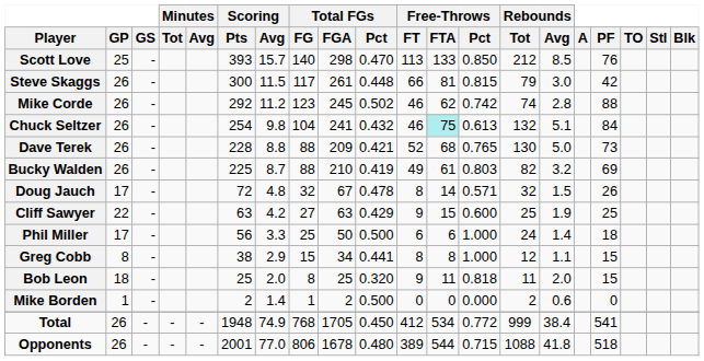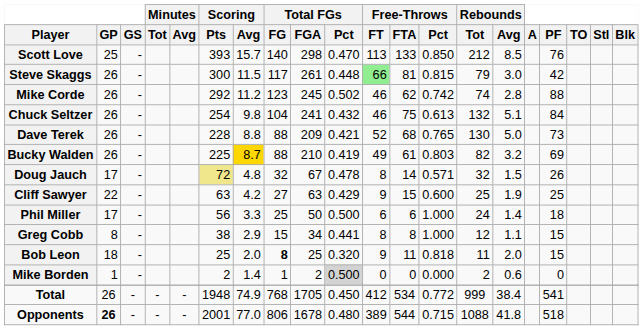 <table class="wikitable sortable" border="1" style="font-size:90%;">
 <tr>
 <th colspan="3" style="border-top-style:hidden; border-left-style:hidden; background: white;"></th>
 <th colspan="2" style=>Minutes</th>
 <th colspan="2" style=>Scoring</th>
 <th colspan="3" style=>Total FGs</th>
 <th colspan="3" style=>Free-Throws</th>
 <th colspan="2" style=>Rebounds</th>
 <th colspan="5" style="border-top-style:hidden; border-right-style:hidden; background: white;"></th>
 </tr>
 <tr>
 <th scope="col" style=>Player</th>
 <th scope="col" style=>GP</th>
 <th scope="col" style=>GS</th>
 <th scope="col" style=>Tot</th>
 <th scope="col" style=>Avg</th>
 <th scope="col" style=>Pts</th>
 <th scope="col" style=>Avg</th>
 <th scope="col" style=>FG</th>
 <th scope="col" style=>FGA</th>
 <th scope="col" style=>Pct</th>
 <th scope="col" style=>FT</th>
 <th scope="col" style=>FTA</th>
 <th scope="col" style=>Pct</th>
 <th scope="col" style=>Tot</th>
 <th scope="col" style=>Avg</th>
 <th scope="col" style=>A</th>
 <th scope="col" style=>PF</th>
 <th scope="col" style=>TO</th>
 <th scope="col" style=>Stl</th>
 <th scope="col" style=>Blk</th>
 </tr>
 <tr>
 <th>Scott Love</th>
 <td align="right">25</td>
 <td align="right">-</td>
 <td align="right"></td>
 <td align="right"></td>
 <td align="right">393</td>
 <td align="right">15.7</td>
 <td align="right">140</td>
 <td align="right">298</td>
 <td align="right">0.470</td>
 <td align="right">113</td>
 <td align="right">133</td>
 <td align="right">0.850</td>
 <td align="right">212</td>
 <td align="right">8.5</td>
 <td align="right"></td>
 <td align="right">76</td>
 <td align="right"></td>
 <td align="right"></td>
 <td align="right"></td>
 </tr>
 <tr>
 <th>Steve Skaggs</th>
 <td align="right">26</td>
 <td align="right">-</td>
 <td align="right"></td>
 <td align="right"></td>
 <td align="right">300</td>
 <td align="right">11.5</td>
 <td align="right">117</td>
 <td align="right">261</td>
 <td align="right">0.448</td>
-<td align="right">66</td>
+<td align="right" style="background: lightgreen;">66</td>
 <td align="right">81</td>
 <td align="right">0.815</td>
 <td align="right">79</td>
 <td align="right">3.0</td>
 <td align="right"></td>
 <td align="right">42</td>
 <td align="right"></td>
 <td align="right"></td>
 <td align="right"></td>
 </tr>
 <tr>
 <th>Mike Corde</th>
 <td align="right">26</td>
 <td align="right">-</td>
 <td align="right"></td>
 <td align="right"></td>
 <td align="right">292</td>
 <td align="right">11.2</td>
 <td align="right">123</td>
 <td align="right">245</td>
 <td align="right">0.502</td>
 <td align="right">46</td>
 <td align="right">62</td>
 <td align="right">0.742</td>
 <td align="right">74</td>
 <td align="right">2.8</td>
 <td align="right"></td>
 <td align="right">88</td>
 <td align="right"></td>
 <td align="right"></td>
 <td align="right"></td>
 </tr>
 <tr>
 <th>Chuck Seltzer</th>
 <td align="right">26</td>
 <td align="right">-</td>
 <td align="right"></td>
 <td align="right"></td>
 <td align="right">254</td>
 <td align="right">9.8</td>
 <td align="right">104</td>
 <td align="right">241</td>
 <td align="right">0.432</td>
 <td align="right">46</td>
-<td align="right" style="background: paleturquoise;">75</td>
+<td align="right">75</td>
 <td align="right">0.613</td>
 <td align="right">132</td>
 <td align="right">5.1</td>
 <td align="right"></td>
 <td align="right">84</td>
 <td align="right"></td>
 <td align="right"></td>
 <td align="right"></td>
 </tr>
 <tr>
 <th>Dave Terek</th>
 <td align="right">26</td>
 <td align="right">-</td>
 <td align="right"></td>
 <td align="right"></td>
 <td align="right">228</td>
 <td align="right">8.8</td>
 <td align="right">88</td>
 <td align="right">209</td>
 <td align="right">0.421</td>
 <td align="right">52</td>
 <td align="right">68</td>
 <td align="right">0.765</td>
 <td align="right">130</td>
 <td align="right">5.0</td>
 <td align="right"></td>
 <td align="right">73</td>
 <td align="right"></td>
 <td align="right"></td>
 <td align="right"></td>
 </tr>
 <tr>
 <th>Bucky Walden</th>
 <td align="right">26</td>
 <td align="right">-</td>
 <td align="right"></td>
 <td align="right"></td>
 <td align="right">225</td>
-<td align="right">8.7</td>
+<td align="right" style="background: gold;">8.7</td>
 <td align="right">88</td>
 <td align="right">210</td>
 <td align="right">0.419</td>
 <td align="right">49</td>
 <td align="right">61</td>
 <td align="right">0.803</td>
 <td align="right">82</td>
 <td align="right">3.2</td>
 <td align="right"></td>
 <td align="right">69</td>
 <td align="right"></td>
 <td align="right"></td>
 <td align="right"></td>
 </tr>
 <tr>
 <th>Doug Jauch</th>
 <td align="right">17</td>
 <td align="right">-</td>
 <td align="right"></td>
 <td align="right"></td>
-<td align="right">72</td>
+<td align="right" style="background: khaki;">72</td>
 <td align="right">4.8</td>
 <td align="right">32</td>
 <td align="right">67</td>
 <td align="right">0.478</td>
 <td align="right">8</td>
 <td align="right">14</td>
 <td align="right">0.571</td>
 <td align="right">32</td>
 <td align="right">1.5</td>
 <td align="right"></td>
 <td align="right">26</td>
 <td align="right"></td>
 <td align="right"></td>
 <td align="right"></td>
 </tr>
 <tr>
 <th>Cliff Sawyer</th>
 <td align="right">22</td>
 <td align="right">-</td>
 <td align="right"></td>
 <td align="right"></td>
 <td align="right">63</td>
 <td align="right">4.2</td>
 <td align="right">27</td>
 <td align="right">63</td>
 <td align="right">0.429</td>
 <td align="right">9</td>
 <td align="right">15</td>
 <td align="right">0.600</td>
 <td align="right">25</td>
 <td align="right">1.9</td>
 <td align="right"></td>
 <td align="right">25</td>
 <td align="right"></td>
 <td align="right"></td>
 <td align="right"></td>
 </tr>
 <tr>
 <th>Phil Miller</th>
 <td align="right">17</td>
 <td align="right">-</td>
 <td align="right"></td>
 <td align="right"></td>
 <td align="right">56</td>
 <td align="right">3.3</td>
 <td align="right">25</td>
 <td align="right">50</td>
 <td align="right">0.500</td>
 <td align="right">6</td>
 <td align="right">6</td>
 <td align="right">1.000</td>
 <td align="right">24</td>
 <td align="right">1.4</td>
 <td align="right"></td>
 <td align="right">18</td>
 <td align="right"></td>
 <td align="right"></td>
 <td align="right"></td>
 </tr>
 <tr>
 <th>Greg Cobb</th>
 <td align="right">8</td>
 <td align="right">-</td>
 <td align="right"></td>
 <td align="right"></td>
 <td align="right">38</td>
 <td align="right">2.9</td>
 <td align="right">15</td>
 <td align="right">34</td>
 <td align="right">0.441</td>
 <td align="right">8</td>
 <td align="right">8</td>
 <td align="right">1.000</td>
 <td align="right">12</td>
 <td align="right">1.1</td>
 <td align="right"></td>
 <td align="right">15</td>
 <td align="right"></td>
 <td align="right"></td>
 <td align="right"></td>
 </tr>
 <tr>
 <th>Bob Leon</th>
 <td align="right">18</td>
 <td align="right">-</td>
 <td align="right"></td>
 <td align="right"></td>
 <td align="right">25</td>
 <td align="right">2.0</td>
-<td align="right">8</td>
+<td align="right"><strong>8</strong></td>
 <td align="right">25</td>
 <td align="right">0.320</td>
 <td align="right">9</td>
 <td align="right">11</td>
 <td align="right">0.818</td>
 <td align="right">11</td>
 <td align="right">2.0</td>
 <td align="right"></td>
 <td align="right">15</td>
 <td align="right"></td>
 <td align="right"></td>
 <td align="right"></td>
 </tr>
 <tr>
 <th>Mike Borden</th>
 <td align="right">1</td>
 <td align="right">-</td>
 <td align="right"></td>
 <td align="right"></td>
 <td align="right">2</td>
 <td align="right">1.4</td>
 <td align="right">1</td>
 <td align="right">2</td>
-<td align="right">0.500</td>
+<td align="right" style="background: lightgrey;">0.500</td>
 <td align="right">0</td>
 <td align="right">0</td>
 <td align="right">0.000</td>
 <td align="right">2</td>
 <td align="right">0.6</td>
 <td align="right"></td>
 <td align="right">0</td>
 <td align="right"></td>
 <td align="right"></td>
 <td align="right"></td>
 </tr>
 <tr>
 </tr>
 <tr class="sortbottom">
 <td align="center" style=><strong>Total</strong></td>
 <td align="center" style=>26</td>
 <td align="center" style=>-</td>
 <td align="center" style=>-</td>
 <td align="center" style=>-</td>
 <td align="center" style=>1948</td>
 <td align="center" style=>74.9</td>
 <td align="center" style=>768</td>
 <td align="center" style=>1705</td>
 <td align="center" style=>0.450</td>
 <td align="center" style=>412</td>
 <td align="center" style=>534</td>
 <td align="center" style=>0.772</td>
 <td align="center" style=>999</td>
 <td align="center" style=>38.4</td>
 <td align="center" style=></td>
 <td align="center" style=>541</td>
 <td align="center" style=></td>
 <td align="center" style=></td>
 <td align="center" style=></td>
 </tr>
 <tr class="sortbottom">
 <td align="center"><strong>Opponents</strong></td>
-<td align="center">26</td>
+<td align="center"><strong>26</strong></td>
 <td align="center">-</td>
 <td align="center">-</td>
 <td align="center">-</td>
 <td align="center">2001</td>
 <td align="center">77.0</td>
 <td align="center">806</td>
 <td align="center">1678</td>
 <td align="center">0.480</td>
 <td align="center">389</td>
 <td align="center">544</td>
 <td align="center">0.715</td>
 <td align="center">1088</td>
 <td align="center">41.8</td>
 <td align="center"></td>
 <td align="center">518</td>
 <td align="center"></td>
 <td align="center"></td>
 <td align="center"></td>
 </tr>
 </table>
